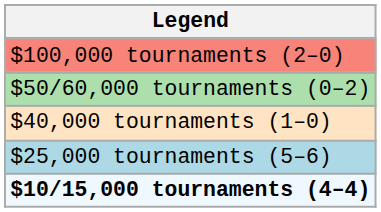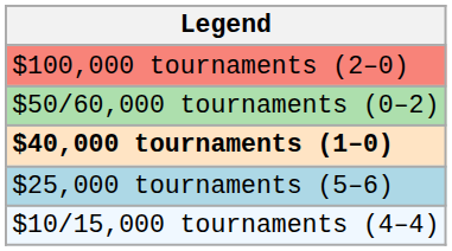 <table class="wikitable" style="font-size:85%">
 <tr>
 <th>Legend</th>
 </tr>
 <tr style="background:#f88379;">
 <td>$100,000 tournaments (2–0)</td>
 </tr>
 <tr style="background:#addfad;">
 <td>$50/60,000 tournaments (0–2)</td>
 </tr>
 <tr style="background:#ffe4c4;">
-<td>$40,000 tournaments (1–0)</td>
+<td><strong>$40,000 tournaments (1–0)</strong></td>
 </tr>
 <tr style="background:lightblue;">
 <td>$25,000 tournaments (5–6)</td>
 </tr>
 <tr style="background:#f0f8ff;">
-<td><strong>$10/15,000 tournaments (4–4)</strong></td>
+<td>$10/15,000 tournaments (4–4)</td>
 </tr>
 </table>
